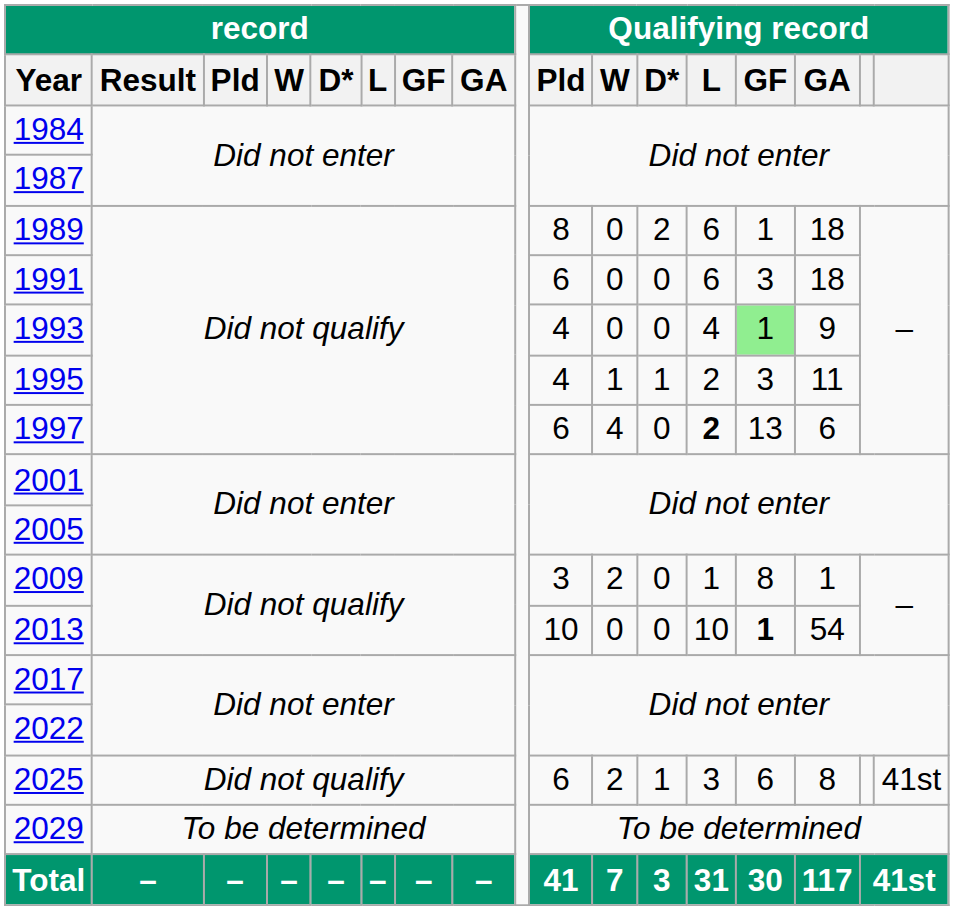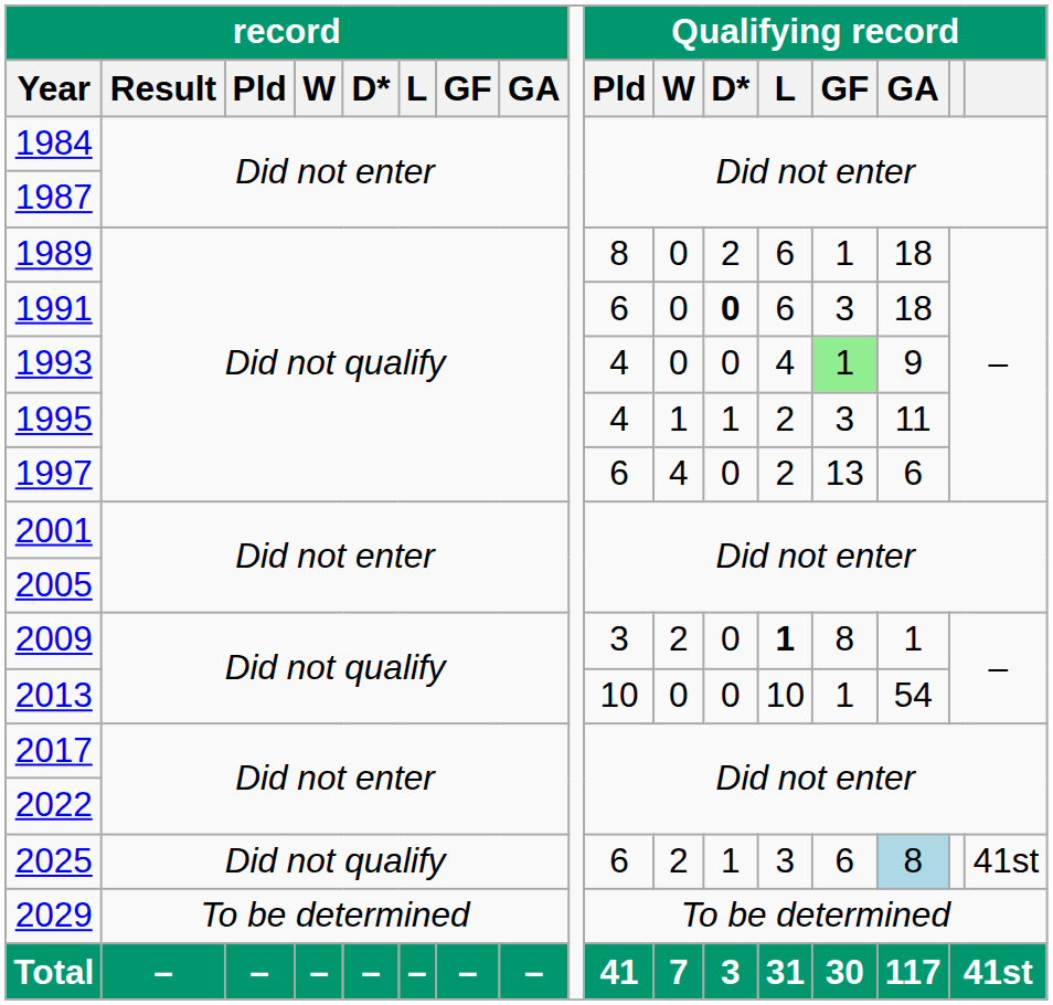 <table class="wikitable" style="text-align:center">
 <tr>
 <th style="color:white; background-color:#00966E" colspan=8><a href='#'></a> record</th>
 <td rowspan=100></td>
 <th style="color:white; background-color:#00966E" colspan=8>Qualifying record</th>
 </tr>
 <tr>
 <th>Year</th>
 <th>Result</th>
 <th>Pld</th>
 <th>W</th>
 <th>D*</th>
 <th>L</th>
 <th>GF</th>
 <th>GA<br></th>
 <th>Pld</th>
 <th>W</th>
 <th>D*</th>
 <th>L</th>
 <th>GF</th>
 <th>GA</th>
 <th></th>
 <th></th>
 </tr>
 <tr>
 <td> <a href='#'>1984</a></td>
 <td colspan=7 rowspan=2><em>Did not enter</em></td>
 <td colspan=8 rowspan=2><em>Did not enter</em></td>
 </tr>
 <tr>
 <td> <a href='#'>1987</a></td>
 </tr>
 <tr>
 <td> <a href='#'>1989</a></td>
 <td colspan=7 rowspan=5><em>Did not qualify</em></td>
 <td>8</td>
 <td>0</td>
 <td>2</td>
 <td>6</td>
 <td>1</td>
 <td>18</td>
 <td colspan=2 rowspan=5>–</td>
 </tr>
 <tr>
 <td> <a href='#'>1991</a></td>
 <td>6</td>
 <td>0</td>
-<td>0</td>
+<td><strong>0</strong></td>
 <td>6</td>
 <td>3</td>
 <td>18</td>
 </tr>
 <tr>
 <td> <a href='#'>1993</a></td>
 <td>4</td>
 <td>0</td>
 <td>0</td>
 <td>4</td>
 <td style="background: lightgreen;">1</td>
 <td>9</td>
 </tr>
 <tr>
 <td> <a href='#'>1995</a></td>
 <td>4</td>
 <td>1</td>
 <td>1</td>
 <td>2</td>
 <td>3</td>
 <td>11</td>
 </tr>
 <tr>
 <td> <a href='#'>1997</a></td>
 <td>6</td>
 <td>4</td>
 <td>0</td>
-<td><strong>2</strong></td>
+<td>2</td>
 <td>13</td>
 <td>6</td>
 </tr>
 <tr>
 <td> <a href='#'>2001</a></td>
 <td colspan=7 rowspan=2><em>Did not enter</em></td>
 <td colspan=8 rowspan=2><em>Did not enter</em></td>
 </tr>
 <tr>
 <td> <a href='#'>2005</a></td>
 </tr>
 <tr>
 <td> <a href='#'>2009</a></td>
 <td colspan=7 rowspan=2><em>Did not qualify</em></td>
 <td>3</td>
 <td>2</td>
 <td>0</td>
-<td>1</td>
+<td><strong>1</strong></td>
 <td>8</td>
 <td>1</td>
 <td colspan=2 rowspan=2>–</td>
 </tr>
 <tr>
 <td> <a href='#'>2013</a></td>
 <td>10</td>
 <td>0</td>
 <td>0</td>
 <td>10</td>
-<td><strong>1</strong></td>
+<td>1</td>
 <td>54</td>
 </tr>
 <tr>
 <td> <a href='#'>2017</a></td>
 <td colspan=7 rowspan=2><em>Did not enter</em></td>
 <td colspan=8 rowspan=2><em>Did not enter</em></td>
 </tr>
 <tr>
 <td> <a href='#'>2022</a></td>
 </tr>
 <tr>
 <td> <a href='#'>2025</a></td>
 <td colspan=7><em>Did not qualify</em></td>
 <td>6</td>
 <td>2</td>
 <td>1</td>
 <td>3</td>
 <td>6</td>
-<td>8</td>
+<td style="background: lightblue;">8</td>
 <td></td>
 <td>41st</td>
 </tr>
 <tr>
 <td><a href='#'>2029</a></td>
 <td colspan=7><em>To be determined</em></td>
 <td colspan=8><em>To be determined</em></td>
 </tr>
 <tr>
 <th style="color:white; background-color:#00966E">Total</th>
 <th style="color:white; background-color:#00966E">–</th>
 <th style="color:white; background-color:#00966E">–</th>
 <th style="color:white; background-color:#00966E">–</th>
 <th style="color:white; background-color:#00966E">–</th>
 <th style="color:white; background-color:#00966E">–</th>
 <th style="color:white; background-color:#00966E">–</th>
 <th style="color:white; background-color:#00966E">–<br></th>
 <th style="color:white; background-color:#00966E">41</th>
 <th style="color:white; background-color:#00966E">7</th>
 <th style="color:white; background-color:#00966E">3</th>
 <th style="color:white; background-color:#00966E">31</th>
 <th style="color:white; background-color:#00966E">30</th>
 <th style="color:white; background-color:#00966E">117</th>
 <th style="color:white; background-color:#00966E" colspan=2>41st</th>
 </tr>
 </table>
